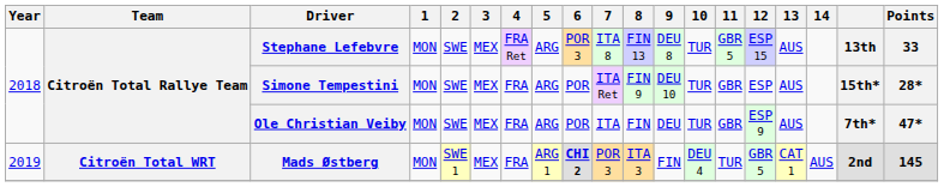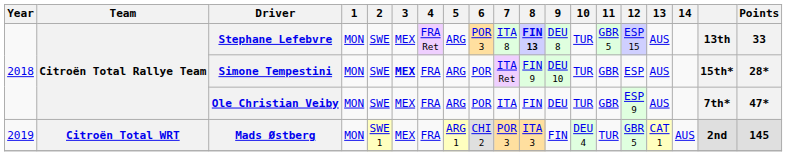 <table class="wikitable" border="1" style="text-align:center; font-size:90%;">
 <tr>
 <th>Year</th>
 <th>Team</th>
 <th>Driver</th>
 <th>1</th>
 <th>2</th>
 <th>3</th>
 <th>4</th>
 <th>5</th>
 <th>6</th>
 <th>7</th>
 <th>8</th>
 <th>9</th>
 <th>10</th>
 <th>11</th>
 <th>12</th>
 <th>13</th>
 <th>14</th>
 <th></th>
 <th>Points</th>
 </tr>
 <tr>
 <td rowspan="3"><a href='#'>2018</a></td>
 <th rowspan="3"> Citroën Total Rallye Team</th>
 <th> <a href='#'>Stephane Lefebvre</a></th>
 <td><a href='#'>MON</a></td>
 <td><a href='#'>SWE</a></td>
 <td><a href='#'>MEX</a></td>
 <td style="background:#EFCFFF;"><a href='#'>FRA</a><br><small>Ret</small></td>
 <td><a href='#'>ARG</a></td>
 <td style="background:#ffdf9f"><a href='#'>POR</a><br><small>3</small></td>
 <td style="background:#DFFFDF;"><a href='#'>ITA</a><br><small>8</small></td>
-<td style="background:#CFCFFF;"><a href='#'>FIN</a><br><small>13</small></td>
+<td style="background:#CFCFFF;"><strong><a href='#'>FIN</a><br><small>13</small></strong></td>
 <td style="background:#DFFFDF;"><a href='#'>DEU</a><br><small>8</small></td>
 <td><a href='#'>TUR</a></td>
 <td style="background:#DFFFDF;"><a href='#'>GBR</a><br><small>5</small></td>
 <td style="background:#CFCFFF;"><a href='#'>ESP</a><br><small>15</small></td>
 <td><a href='#'>AUS</a></td>
 <td></td>
 <th>13th</th>
 <th>33</th>
 </tr>
 <tr>
 <th> <a href='#'>Simone Tempestini</a></th>
 <td><a href='#'>MON</a></td>
 <td><a href='#'>SWE</a></td>
-<td><a href='#'>MEX</a></td>
+<td><strong><a href='#'>MEX</a></strong></td>
 <td><a href='#'>FRA</a></td>
 <td><a href='#'>ARG</a></td>
 <td><a href='#'>POR</a></td>
 <td style="background:#EFCFFF;"><a href='#'>ITA</a><br><small>Ret</small></td>
 <td style="background:#DFFFDF;"><a href='#'>FIN</a><br><small>9</small></td>
 <td style="background:#DFFFDF;"><a href='#'>DEU</a><br><small>10</small></td>
 <td><a href='#'>TUR</a></td>
 <td><a href='#'>GBR</a></td>
 <td><a href='#'>ESP</a></td>
 <td><a href='#'>AUS</a></td>
 <td></td>
 <th>15th*</th>
 <th>28*</th>
 </tr>
 <tr>
 <th> <a href='#'>Ole Christian Veiby</a></th>
 <td><a href='#'>MON</a></td>
 <td><a href='#'>SWE</a></td>
 <td><a href='#'>MEX</a></td>
 <td><a href='#'>FRA</a></td>
 <td><a href='#'>ARG</a></td>
 <td><a href='#'>POR</a></td>
 <td><a href='#'>ITA</a></td>
 <td><a href='#'>FIN</a></td>
 <td><a href='#'>DEU</a></td>
 <td><a href='#'>TUR</a></td>
 <td><a href='#'>GBR</a></td>
 <td style="background:#DFFFDF;"><a href='#'>ESP</a><br><small>9</small></td>
 <td><a href='#'>AUS</a></td>
 <td></td>
 <th>7th*</th>
 <th>47*</th>
 </tr>
 <tr>
 <td><a href='#'>2019</a></td>
 <th> <a href='#'>Citroën Total WRT</a></th>
 <th> <a href='#'>Mads Østberg</a></th>
 <td><a href='#'>MON</a></td>
 <td style="background:#ffffbf"><a href='#'>SWE</a><br><small>1</small></td>
 <td><a href='#'>MEX</a></td>
 <td><a href='#'>FRA</a></td>
 <td style="background:#ffffbf;"><a href='#'>ARG</a><br><small>1</small></td>
-<td style="background:#dfdfdf;"><strong><a href='#'>CHI</a><br><small>2</small></strong></td>
+<td style="background:#dfdfdf;"><a href='#'>CHI</a><br><small>2</small></td>
 <td style="background:#ffdf9f;"><a href='#'>POR</a><br><small>3</small></td>
 <td style="background:#ffdf9f;"><a href='#'>ITA</a><br><small>3</small></td>
 <td><a href='#'>FIN</a></td>
 <td style="background:#DFFFDF;"><a href='#'>DEU</a><br><small>4</small></td>
 <td><a href='#'>TUR</a></td>
 <td style="background:#DFFFDF;"><a href='#'>GBR</a><br><small>5</small></td>
 <td style="background:#ffffbf;"><a href='#'>CAT</a><br><small>1</small></td>
 <td><a href='#'>AUS</a></td>
 <th style="background:#dfdfdf">2nd</th>
 <th style="background:#dfdfdf">145</th>
 </tr>
 <tr>
 </tr>
 </table>
